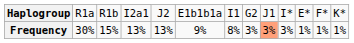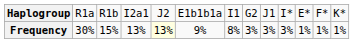 <table class="wikitable" style="text-align:center">
 <tr>
 <th>Haplogroup</th>
 <td>R1a</td>
 <td>R1b</td>
 <td>I2a1</td>
 <td>J2</td>
 <td>E1b1b1a</td>
 <td>I1</td>
 <td>G2</td>
 <td>J1</td>
 <td>I*</td>
 <td>E*</td>
 <td>F*</td>
 <td>K*</td>
 </tr>
 <tr>
 <th>Frequency</th>
 <td>30%</td>
 <td>15%</td>
 <td>13%</td>
-<td>13%</td>
+<td style="background: lightyellow;">13%</td>
 <td>9%</td>
 <td>8%</td>
 <td>3%</td>
-<td style="background: lightsalmon;">3%</td>
+<td>3%</td>
 <td>3%</td>
 <td>1%</td>
 <td>1%</td>
 <td>1%</td>
 </tr>
 </table>
